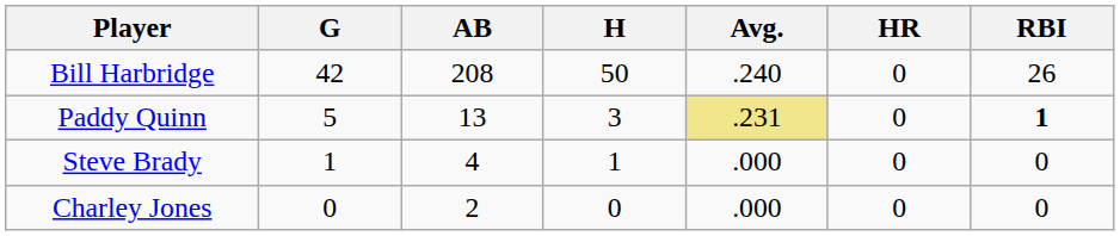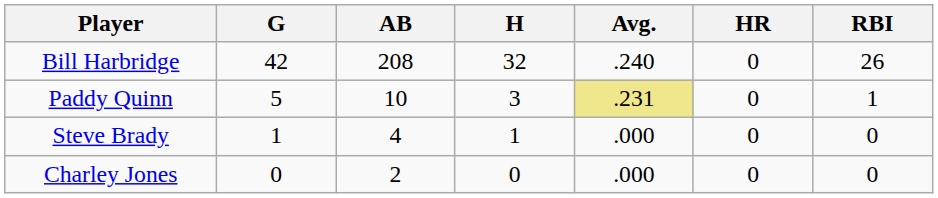 <table class="wikitable sortable">
 <tr>
 <th bgcolor="#DDDDFF" width="16%">Player</th>
 <th bgcolor="#DDDDFF" width="9%">G</th>
 <th bgcolor="#DDDDFF" width="9%">AB</th>
 <th bgcolor="#DDDDFF" width="9%">H</th>
 <th bgcolor="#DDDDFF" width="9%">Avg.</th>
 <th bgcolor="#DDDDFF" width="9%">HR</th>
 <th bgcolor="#DDDDFF" width="9%">RBI</th>
 </tr>
 <tr align=center>
 <td><a href='#'>Bill Harbridge</a></td>
 <td>42</td>
 <td>208</td>
-<td>50</td>
+<td>32</td>
 <td>.240</td>
 <td>0</td>
 <td>26</td>
 </tr>
 <tr align=center>
 <td><a href='#'>Paddy Quinn</a></td>
 <td>5</td>
-<td>13</td>
+<td>10</td>
 <td>3</td>
 <td style="background: khaki;">.231</td>
 <td>0</td>
-<td><strong>1</strong></td>
+<td>1</td>
 </tr>
 <tr align=center>
 <td><a href='#'>Steve Brady</a></td>
 <td>1</td>
 <td>4</td>
 <td>1</td>
 <td>.000</td>
 <td>0</td>
 <td>0</td>
 </tr>
 <tr align=center>
 <td><a href='#'>Charley Jones</a></td>
 <td>0</td>
 <td>2</td>
 <td>0</td>
 <td>.000</td>
 <td>0</td>
 <td>0</td>
 </tr>
 </table>
